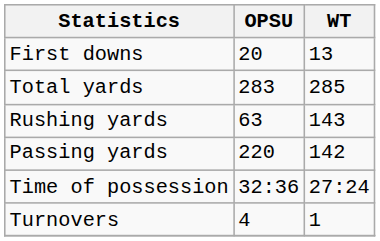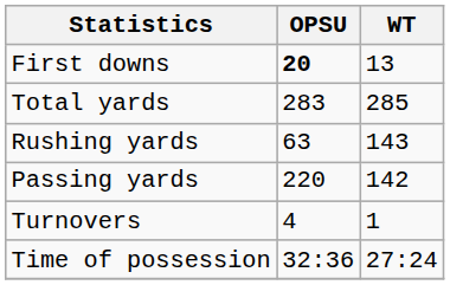 <table class="wikitable">
 <tr>
 <th>Statistics</th>
 <th>OPSU</th>
 <th>WT</th>
 </tr>
 <tr>
 <td>First downs</td>
-<td>20</td>
+<td><strong>20</strong></td>
 <td>13</td>
 </tr>
 <tr>
 <td>Total yards</td>
 <td>283</td>
 <td>285</td>
 </tr>
 <tr>
 <td>Rushing yards</td>
 <td>63</td>
 <td>143</td>
 </tr>
 <tr>
 <td>Passing yards</td>
 <td>220</td>
 <td>142</td>
 </tr>
 <tr>
+<td>Turnovers</td>
+<td>4</td>
+<td>1</td>
+</tr>
+<tr>
 <td>Time of possession</td>
 <td>32:36</td>
 <td>27:24</td>
 </tr>
 <tr>
-<td>Turnovers</td>
-<td>4</td>
-<td>1</td>
-</tr>
-<tr>
 </tr>
 </table>
